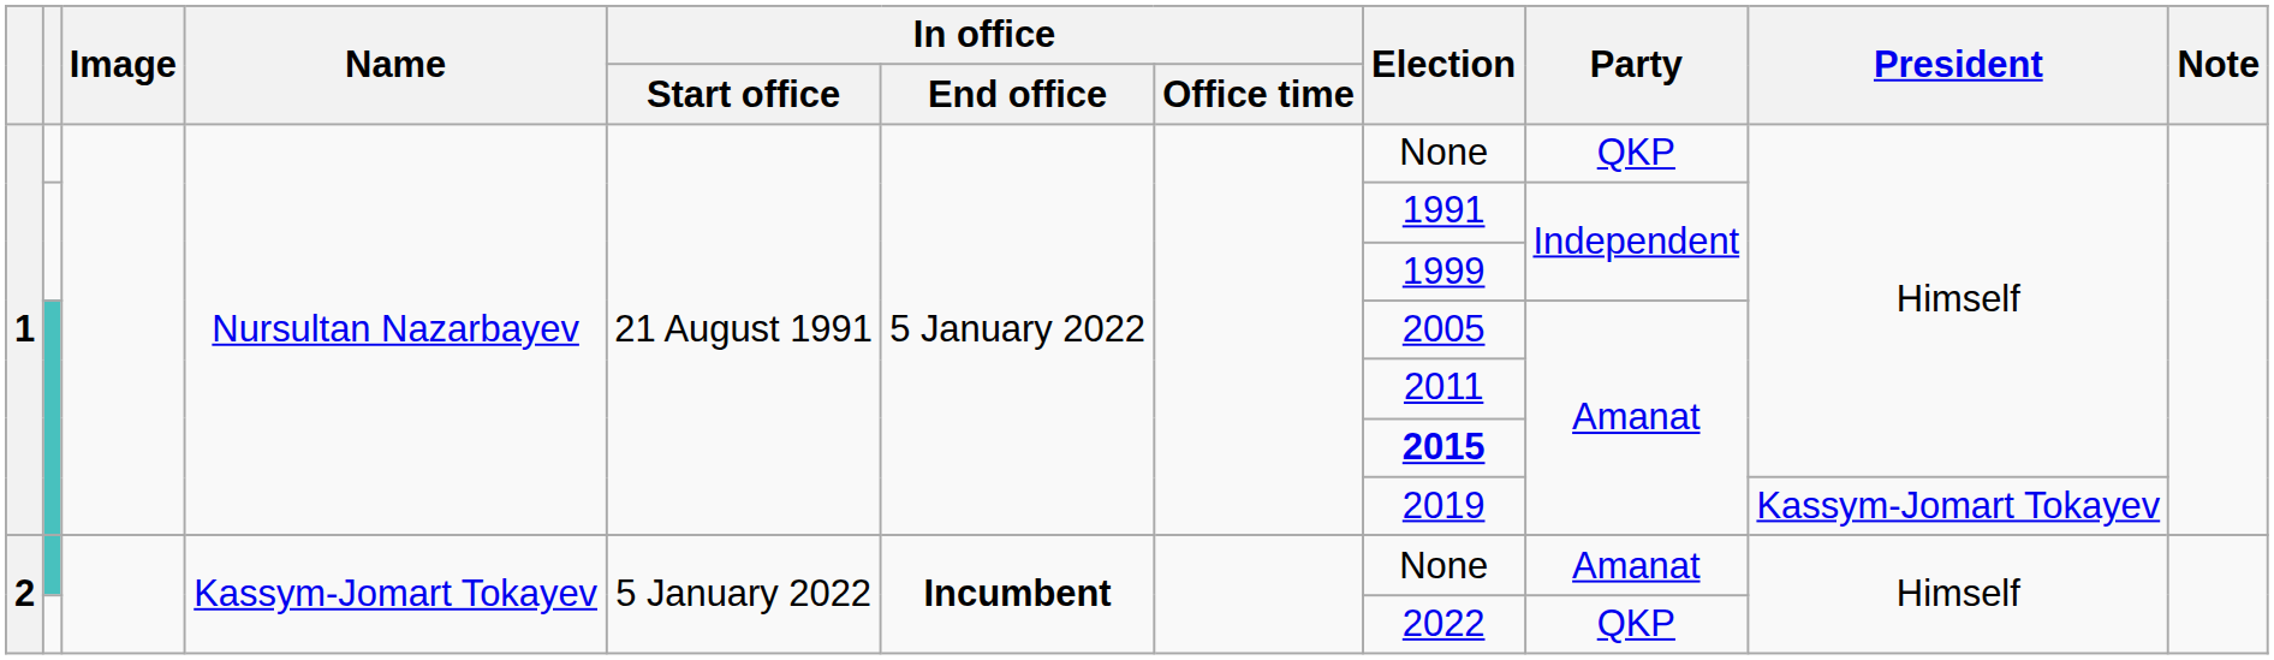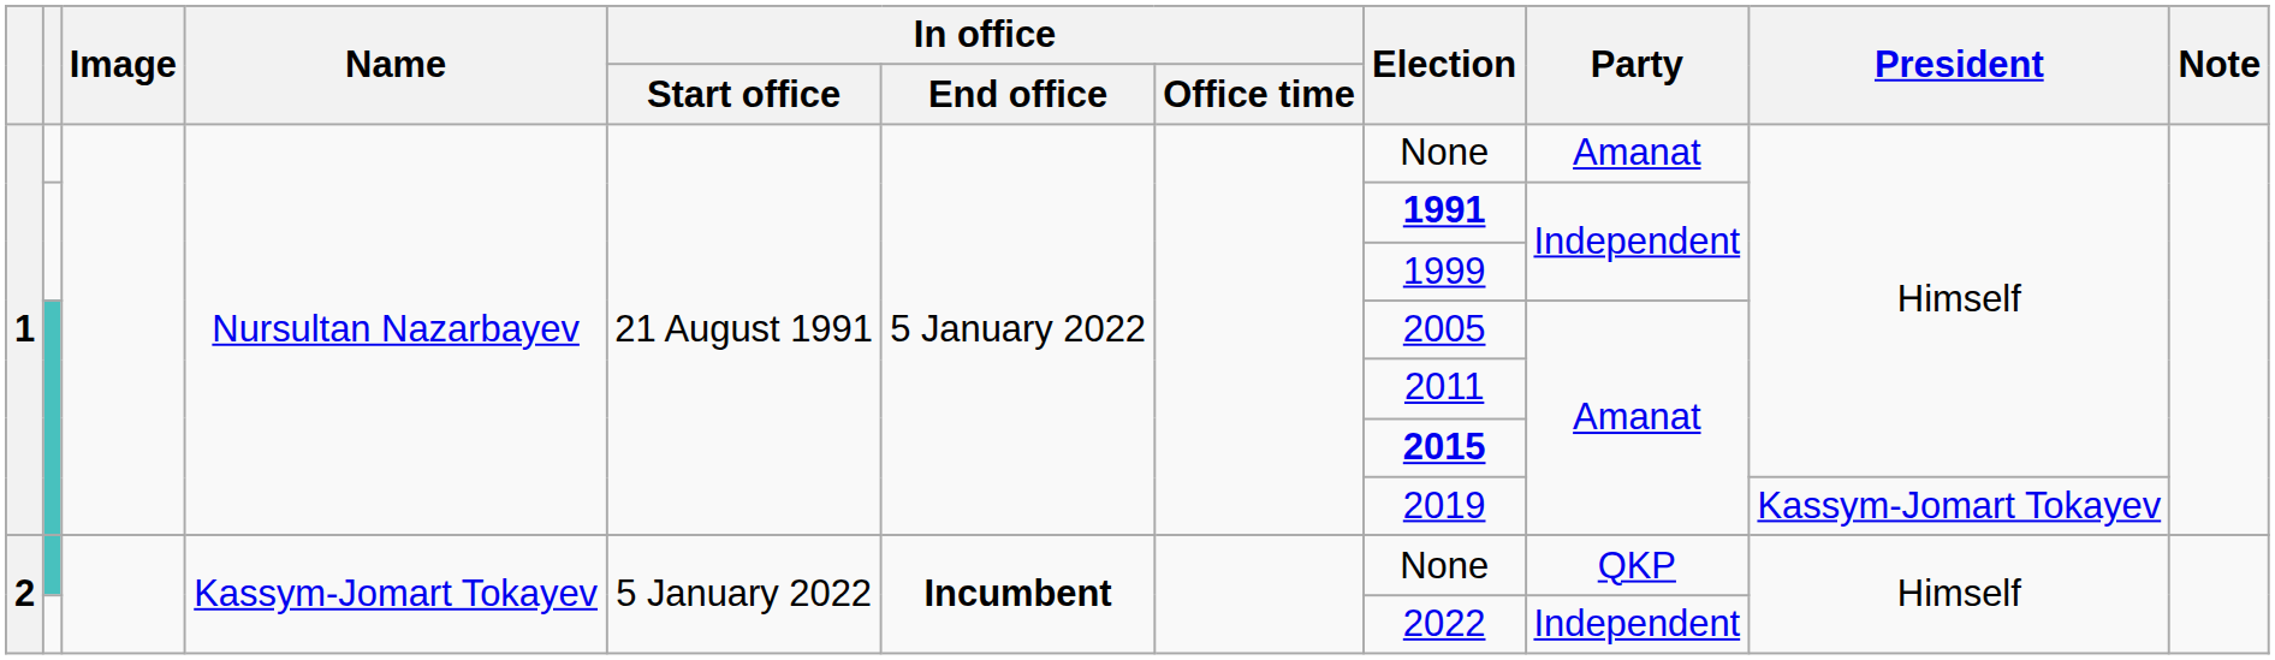 <table class="wikitable" style="text-align:center">
 <tr>
 <th rowspan="2"></th>
 <th rowspan="2"></th>
 <th rowspan="2">Image</th>
 <th rowspan="2">Name<br></th>
 <th colspan="3">In office</th>
 <th rowspan="2">Election</th>
 <th rowspan="2">Party</th>
 <th rowspan="2"><a href='#'>President</a></th>
 <th rowspan="2">Note</th>
 </tr>
 <tr>
 <th>Start office</th>
 <th>End office</th>
 <th>Office time</th>
 </tr>
 <tr>
 <th rowspan="7"><strong>1</strong></th>
 <td style="background:"></td>
 <td rowspan="7"></td>
 <td rowspan="7"><a href='#'>Nursultan Nazarbayev</a><br></td>
 <td rowspan="7">21 August 1991</td>
 <td rowspan="7">5 January 2022</td>
 <td rowspan="7"></td>
 <td>None</td>
-<td><a href='#'>QKP</a></td>
+<td><a href='#'>Amanat</a></td>
 <td rowspan="6">Himself</td>
 <td rowspan="7"></td>
 </tr>
 <tr>
 <td rowspan="2" style="background:"></td>
-<td><a href='#'>1991</a></td>
+<td><strong><a href='#'>1991</a></strong></td>
 <td rowspan="2"><a href='#'>Independent</a></td>
 </tr>
 <tr>
 <td><a href='#'>1999</a></td>
 </tr>
 <tr>
 <td rowspan="4" style="background:#48C1BE;"></td>
 <td><a href='#'>2005</a></td>
 <td rowspan="4"><a href='#'>Amanat</a></td>
 </tr>
 <tr>
 <td><a href='#'>2011</a></td>
 </tr>
 <tr>
 <td><strong><a href='#'>2015</a></strong></td>
 </tr>
 <tr>
 <td><a href='#'>2019</a></td>
 <td><a href='#'>Kassym-Jomart Tokayev</a></td>
 </tr>
 <tr>
 <th rowspan="3"><strong>2</strong></th>
 <td style="background:#48C1BE;"></td>
 <td rowspan="3"></td>
 <td rowspan="3"><a href='#'>Kassym-Jomart Tokayev</a><br></td>
 <td rowspan="3">5 January 2022</td>
 <td rowspan="3"><strong>Incumbent</strong></td>
 <td rowspan="3"></td>
 <td>None</td>
-<td><a href='#'>Amanat</a></td>
+<td><a href='#'>QKP</a></td>
 <td rowspan="3">Himself</td>
 <td rowspan="3"></td>
 </tr>
 <tr>
 <td style="background:"></td>
 <td><a href='#'>2022</a></td>
-<td><a href='#'>QKP</a></td>
+<td><a href='#'>Independent</a></td>
 </tr>
 </table>
